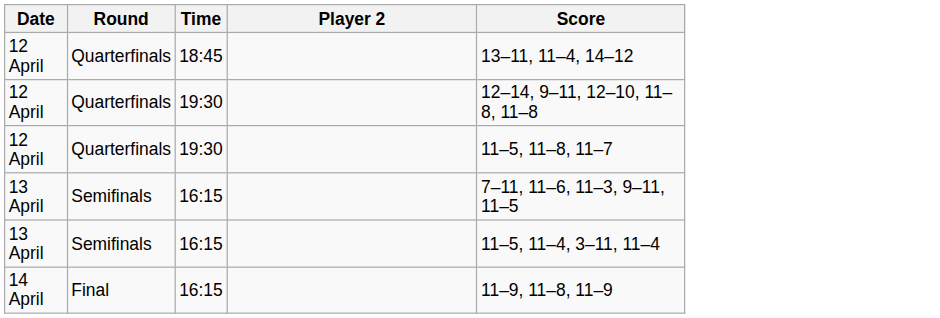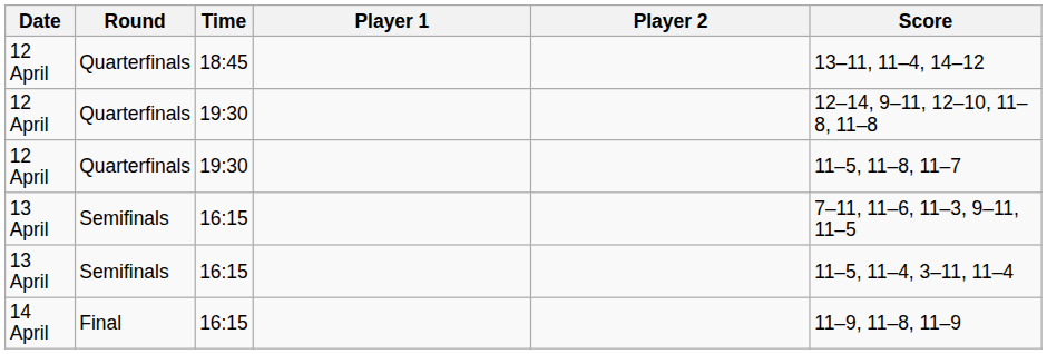 <table class="sortable wikitable" style="font-size:90%">
 <tr>
 <th width="45" class="unsortable">Date</th>
 <th width="55">Round</th>
 <th width="30">Time</th>
+<th width="200">Player 1</th>
 <th width="200">Player 2</th>
 <th width="165" class="unsortable">Score</th>
 </tr>
 <tr>
 <td>12 April</td>
 <td>Quarterfinals</td>
 <td>18:45</td>
+<td><strong></strong></td>
 <td></td>
 <td>13–11, 11–4, 14–12</td>
 </tr>
 <tr>
 <td>12 April</td>
 <td>Quarterfinals</td>
 <td>19:30</td>
+<td></td>
 <td><strong></strong></td>
 <td>12–14, 9–11, 12–10, 11–8, 11–8</td>
 </tr>
 <tr>
 <td>12 April</td>
 <td>Quarterfinals</td>
 <td>19:30</td>
+<td></td>
 <td><strong></strong></td>
 <td>11–5, 11–8, 11–7</td>
 </tr>
 <tr>
 <td>13 April</td>
 <td>Semifinals</td>
 <td>16:15</td>
+<td><strong></strong></td>
 <td></td>
 <td>7–11, 11–6, 11–3, 9–11, 11–5</td>
 </tr>
 <tr>
 <td>13 April</td>
 <td>Semifinals</td>
 <td>16:15</td>
+<td><strong></strong></td>
 <td></td>
 <td>11–5, 11–4, 3–11, 11–4</td>
 </tr>
 <tr>
 <td>14 April</td>
 <td>Final</td>
 <td>16:15</td>
+<td><strong></strong></td>
 <td></td>
 <td>11–9, 11–8, 11–9</td>
 </tr>
 </table>
